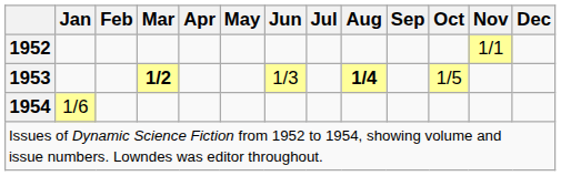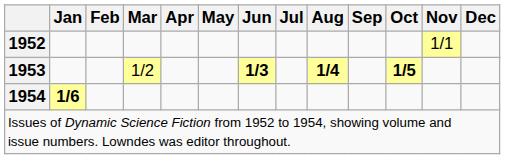 <table class="wikitable" style="font-size: 10pt; line-height: 11pt; margin-right: 2em; text-align: center; float: left">
 <tr>
 <th></th>
 <th>Jan</th>
 <th>Feb</th>
 <th>Mar</th>
 <th>Apr</th>
 <th>May</th>
 <th>Jun</th>
 <th>Jul</th>
 <th>Aug</th>
 <th>Sep</th>
 <th>Oct</th>
 <th>Nov</th>
 <th>Dec</th>
 </tr>
 <tr>
 <th>1952</th>
 <td></td>
 <td></td>
 <td></td>
 <td></td>
 <td></td>
 <td></td>
 <td></td>
 <td></td>
 <td></td>
 <td></td>
 <td bgcolor=#ffff99>1/1</td>
 <td></td>
 </tr>
 <tr>
 <th>1953</th>
 <td></td>
 <td></td>
-<td bgcolor=#ffff99><strong>1/2</strong></td>
+<td bgcolor=#ffff99>1/2</td>
 <td></td>
 <td></td>
-<td bgcolor=#ffff99>1/3</td>
+<td bgcolor=#ffff99><strong>1/3</strong></td>
 <td></td>
 <td bgcolor=#ffff99><strong>1/4</strong></td>
 <td></td>
-<td bgcolor=#ffff99>1/5</td>
+<td bgcolor=#ffff99><strong>1/5</strong></td>
 <td></td>
 <td></td>
 </tr>
 <tr>
 <th>1954</th>
-<td bgcolor=#ffff99>1/6</td>
+<td bgcolor=#ffff99><strong>1/6</strong></td>
 <td></td>
 <td></td>
 <td></td>
 <td></td>
 <td></td>
 <td></td>
 <td></td>
 <td></td>
 <td></td>
 <td></td>
 <td></td>
 </tr>
 <tr>
 <td colspan="13" style="font-size: 8pt; text-align:left">Issues of <em>Dynamic Science Fiction</em> from 1952 to 1954, showing volume and<br>issue numbers. Lowndes was editor throughout.</td>
 </tr>
 </table>
